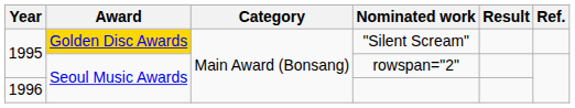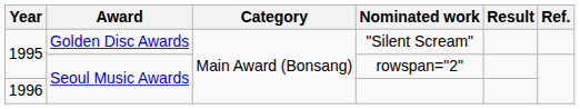 <table class="wikitable" style="text-align:center;">
 <tr>
 <th>Year</th>
 <th>Award</th>
 <th>Category</th>
 <th>Nominated work</th>
 <th>Result</th>
 <th>Ref.</th>
 </tr>
 <tr>
 <td rowspan="2">1995</td>
-<td style="background: gold;"><a href='#'>Golden Disc Awards</a></td>
+<td><a href='#'>Golden Disc Awards</a></td>
 <td rowspan="3">Main Award (Bonsang)</td>
 <td>"Silent Scream"</td>
 <td></td>
 <td></td>
 </tr>
 <tr>
 <td rowspan="2"><a href='#'>Seoul Music Awards</a></td>
 <td>rowspan="2" </td>
 <td></td>
 <td rowspan="2"></td>
 </tr>
 <tr>
 <td>1996</td>
 <td></td>
 </tr>
 </table>
